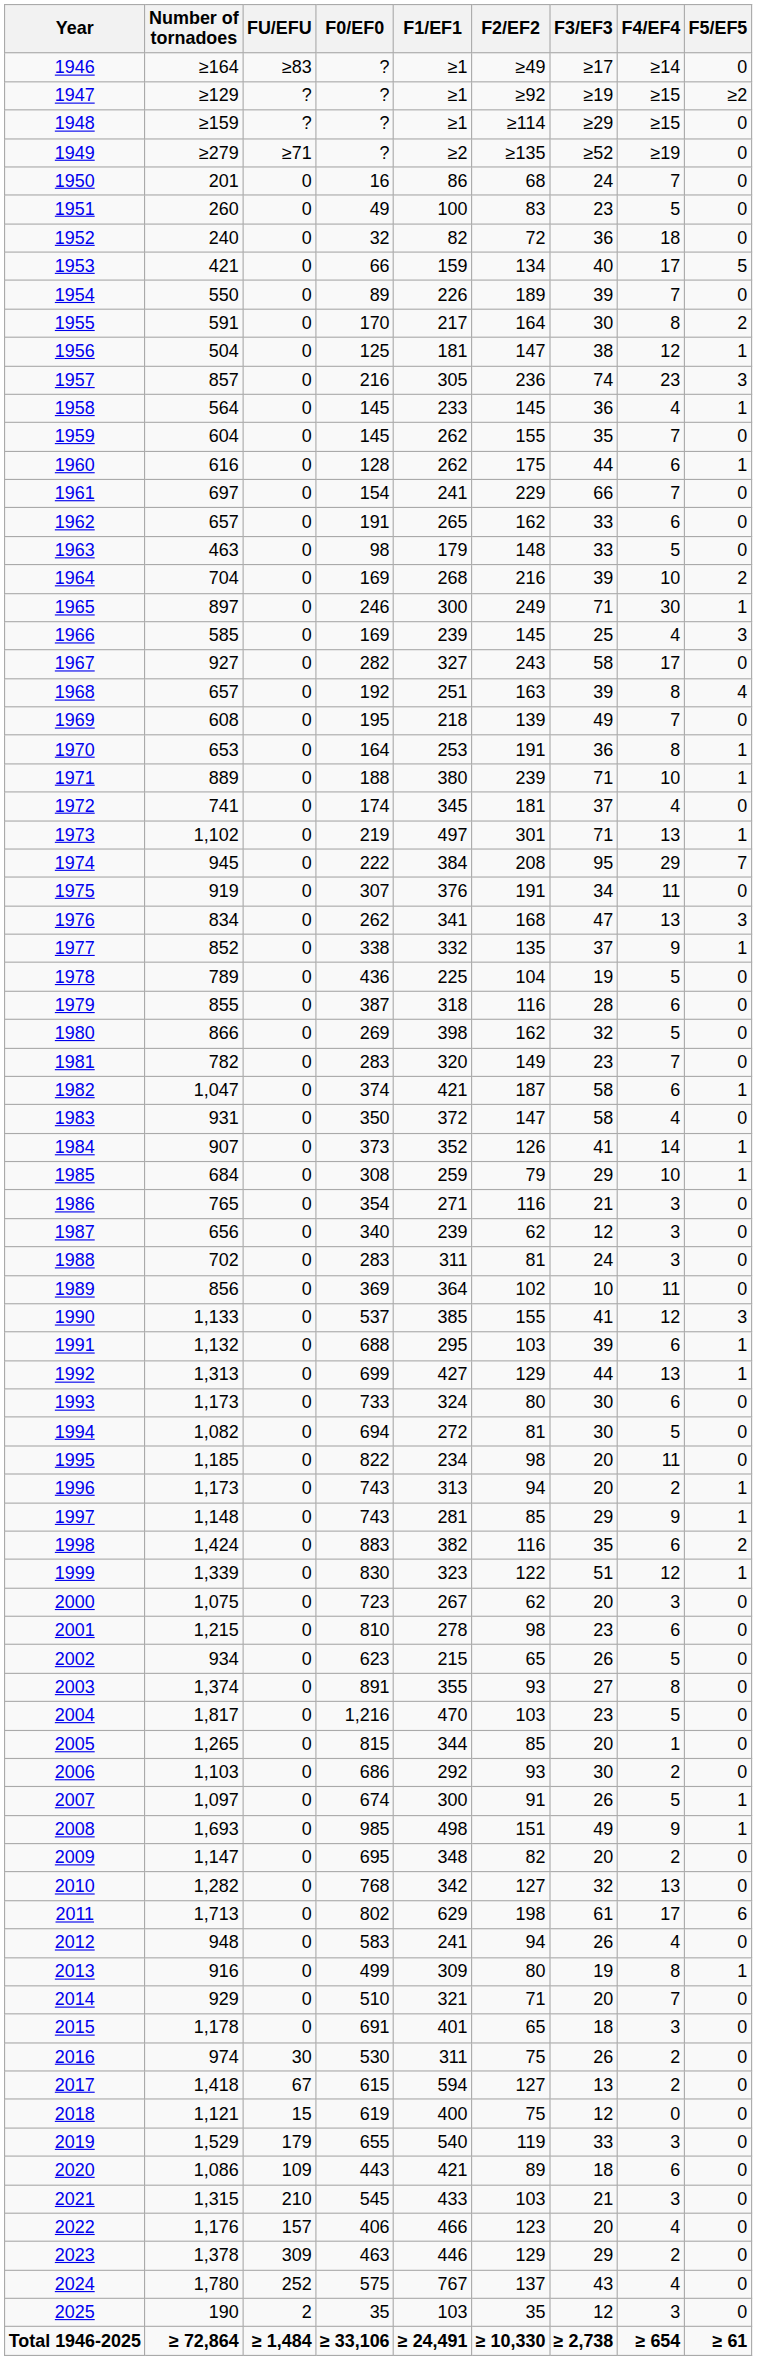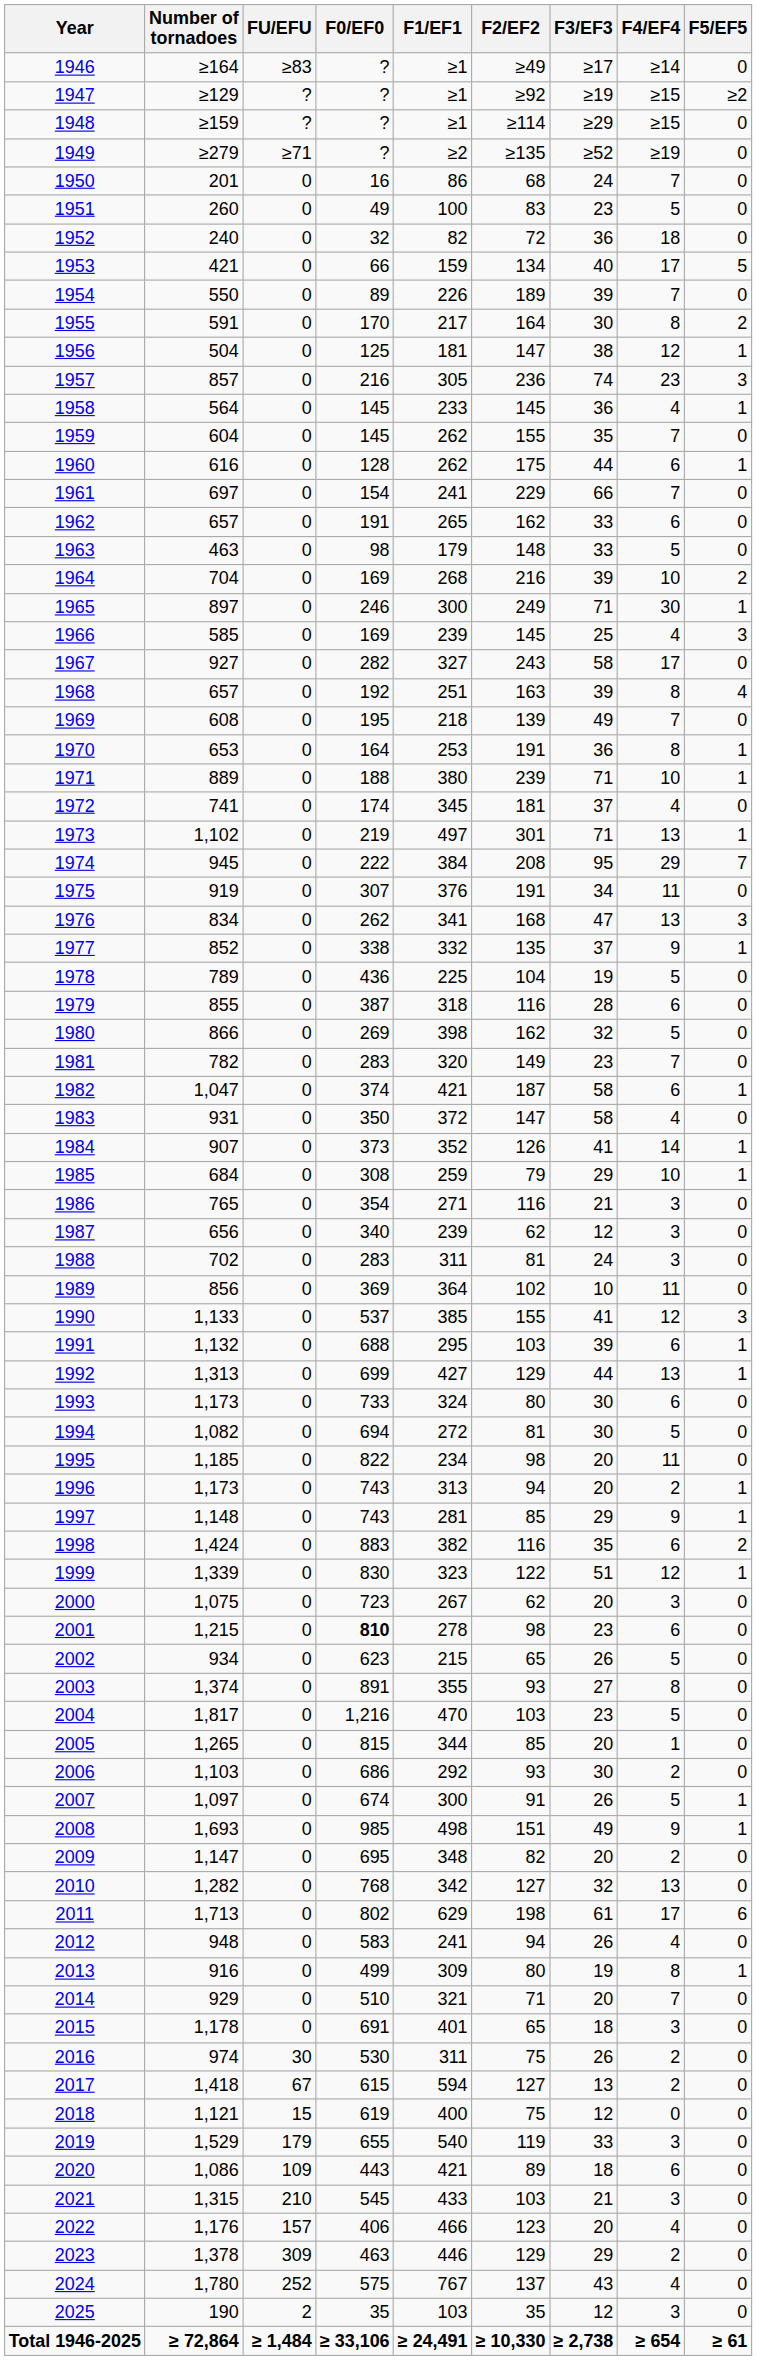 <table class="wikitable sortable" style="text-align:right; vertical-align:middle;">
 <tr style="text-align:center;">
 <th>Year</th>
 <th>Number of<br>tornadoes</th>
 <th>FU/EFU</th>
 <th>F0/EF0</th>
 <th>F1/EF1</th>
 <th>F2/EF2</th>
 <th>F3/EF3</th>
 <th>F4/EF4</th>
 <th>F5/EF5</th>
 </tr>
 <tr>
 <td style="text-align:center;"><a href='#'>1946</a></td>
 <td>≥164</td>
 <td>≥83</td>
 <td>?</td>
 <td>≥1</td>
 <td>≥49</td>
 <td>≥17</td>
 <td>≥14</td>
 <td>0</td>
 </tr>
 <tr>
 <td style="text-align:center;"><a href='#'>1947</a></td>
 <td>≥129</td>
 <td>?</td>
 <td>?</td>
 <td>≥1</td>
 <td>≥92</td>
 <td>≥19</td>
 <td>≥15</td>
 <td>≥2</td>
 </tr>
 <tr>
 <td style="text-align:center;"><a href='#'>1948</a></td>
 <td>≥159</td>
 <td>?</td>
 <td>?</td>
 <td>≥1</td>
 <td>≥114</td>
 <td>≥29</td>
 <td>≥15</td>
 <td>0</td>
 </tr>
 <tr>
 <td style="text-align:center;"><a href='#'>1949</a></td>
 <td>≥279</td>
 <td>≥71</td>
 <td>?</td>
 <td>≥2</td>
 <td>≥135</td>
 <td>≥52</td>
 <td>≥19</td>
 <td>0</td>
 </tr>
 <tr>
 <td style="text-align:center;"><a href='#'>1950</a></td>
 <td>201</td>
 <td>0</td>
 <td>16</td>
 <td>86</td>
 <td>68</td>
 <td>24</td>
 <td>7</td>
 <td>0</td>
 </tr>
 <tr>
 <td style="text-align:center;"><a href='#'>1951</a></td>
 <td>260</td>
 <td>0</td>
 <td>49</td>
 <td>100</td>
 <td>83</td>
 <td>23</td>
 <td>5</td>
 <td>0</td>
 </tr>
 <tr>
 <td style="text-align:center;"><a href='#'>1952</a></td>
 <td>240</td>
 <td>0</td>
 <td>32</td>
 <td>82</td>
 <td>72</td>
 <td>36</td>
 <td>18</td>
 <td>0</td>
 </tr>
 <tr>
 <td style="text-align:center;"><a href='#'>1953</a></td>
 <td>421</td>
 <td>0</td>
 <td>66</td>
 <td>159</td>
 <td>134</td>
 <td>40</td>
 <td>17</td>
 <td>5</td>
 </tr>
 <tr>
 <td style="text-align:center;"><a href='#'>1954</a></td>
 <td>550</td>
 <td>0</td>
 <td>89</td>
 <td>226</td>
 <td>189</td>
 <td>39</td>
 <td>7</td>
 <td>0</td>
 </tr>
 <tr>
 <td style="text-align:center;"><a href='#'>1955</a></td>
 <td>591</td>
 <td>0</td>
 <td>170</td>
 <td>217</td>
 <td>164</td>
 <td>30</td>
 <td>8</td>
 <td>2</td>
 </tr>
 <tr>
 <td style="text-align:center;"><a href='#'>1956</a></td>
 <td>504</td>
 <td>0</td>
 <td>125</td>
 <td>181</td>
 <td>147</td>
 <td>38</td>
 <td>12</td>
 <td>1</td>
 </tr>
 <tr>
 <td style="text-align:center;"><a href='#'>1957</a></td>
 <td>857</td>
 <td>0</td>
 <td>216</td>
 <td>305</td>
 <td>236</td>
 <td>74</td>
 <td>23</td>
 <td>3</td>
 </tr>
 <tr>
 <td style="text-align:center;"><a href='#'>1958</a></td>
 <td>564</td>
 <td>0</td>
 <td>145</td>
 <td>233</td>
 <td>145</td>
 <td>36</td>
 <td>4</td>
 <td>1</td>
 </tr>
 <tr>
 <td style="text-align:center;"><a href='#'>1959</a></td>
 <td>604</td>
 <td>0</td>
 <td>145</td>
 <td>262</td>
 <td>155</td>
 <td>35</td>
 <td>7</td>
 <td>0</td>
 </tr>
 <tr>
 <td style="text-align:center;"><a href='#'>1960</a></td>
 <td>616</td>
 <td>0</td>
 <td>128</td>
 <td>262</td>
 <td>175</td>
 <td>44</td>
 <td>6</td>
 <td>1</td>
 </tr>
 <tr>
 <td style="text-align:center;"><a href='#'>1961</a></td>
 <td>697</td>
 <td>0</td>
 <td>154</td>
 <td>241</td>
 <td>229</td>
 <td>66</td>
 <td>7</td>
 <td>0</td>
 </tr>
 <tr>
 <td style="text-align:center;"><a href='#'>1962</a></td>
 <td>657</td>
 <td>0</td>
 <td>191</td>
 <td>265</td>
 <td>162</td>
 <td>33</td>
 <td>6</td>
 <td>0</td>
 </tr>
 <tr>
 <td style="text-align:center;"><a href='#'>1963</a></td>
 <td>463</td>
 <td>0</td>
 <td>98</td>
 <td>179</td>
 <td>148</td>
 <td>33</td>
 <td>5</td>
 <td>0</td>
 </tr>
 <tr>
 <td style="text-align:center;"><a href='#'>1964</a></td>
 <td>704</td>
 <td>0</td>
 <td>169</td>
 <td>268</td>
 <td>216</td>
 <td>39</td>
 <td>10</td>
 <td>2</td>
 </tr>
 <tr>
 <td style="text-align:center;"><a href='#'>1965</a></td>
 <td>897</td>
 <td>0</td>
 <td>246</td>
 <td>300</td>
 <td>249</td>
 <td>71</td>
 <td>30</td>
 <td>1</td>
 </tr>
 <tr>
 <td style="text-align:center;"><a href='#'>1966</a></td>
 <td>585</td>
 <td>0</td>
 <td>169</td>
 <td>239</td>
 <td>145</td>
 <td>25</td>
 <td>4</td>
 <td>3</td>
 </tr>
 <tr>
 <td style="text-align:center;"><a href='#'>1967</a></td>
 <td>927</td>
 <td>0</td>
 <td>282</td>
 <td>327</td>
 <td>243</td>
 <td>58</td>
 <td>17</td>
 <td>0</td>
 </tr>
 <tr>
 <td style="text-align:center;"><a href='#'>1968</a></td>
 <td>657</td>
 <td>0</td>
 <td>192</td>
 <td>251</td>
 <td>163</td>
 <td>39</td>
 <td>8</td>
 <td>4</td>
 </tr>
 <tr>
 <td style="text-align:center;"><a href='#'>1969</a></td>
 <td>608</td>
 <td>0</td>
 <td>195</td>
 <td>218</td>
 <td>139</td>
 <td>49</td>
 <td>7</td>
 <td>0</td>
 </tr>
 <tr>
 <td style="text-align:center;"><a href='#'>1970</a></td>
 <td>653</td>
 <td>0</td>
 <td>164</td>
 <td>253</td>
 <td>191</td>
 <td>36</td>
 <td>8</td>
 <td>1</td>
 </tr>
 <tr>
 <td style="text-align:center;"><a href='#'>1971</a></td>
 <td>889</td>
 <td>0</td>
 <td>188</td>
 <td>380</td>
 <td>239</td>
 <td>71</td>
 <td>10</td>
 <td>1</td>
 </tr>
 <tr>
 <td style="text-align:center;"><a href='#'>1972</a></td>
 <td>741</td>
 <td>0</td>
 <td>174</td>
 <td>345</td>
 <td>181</td>
 <td>37</td>
 <td>4</td>
 <td>0</td>
 </tr>
 <tr>
 <td style="text-align:center;"><a href='#'>1973</a></td>
 <td>1,102</td>
 <td>0</td>
 <td>219</td>
 <td>497</td>
 <td>301</td>
 <td>71</td>
 <td>13</td>
 <td>1</td>
 </tr>
 <tr>
 <td style="text-align:center;"><a href='#'>1974</a></td>
 <td>945</td>
 <td>0</td>
 <td>222</td>
 <td>384</td>
 <td>208</td>
 <td>95</td>
 <td>29</td>
 <td>7</td>
 </tr>
 <tr>
 <td style="text-align:center;"><a href='#'>1975</a></td>
 <td>919</td>
 <td>0</td>
 <td>307</td>
 <td>376</td>
 <td>191</td>
 <td>34</td>
 <td>11</td>
 <td>0</td>
 </tr>
 <tr>
 <td style="text-align:center;"><a href='#'>1976</a></td>
 <td>834</td>
 <td>0</td>
 <td>262</td>
 <td>341</td>
 <td>168</td>
 <td>47</td>
 <td>13</td>
 <td>3</td>
 </tr>
 <tr>
 <td style="text-align:center;"><a href='#'>1977</a></td>
 <td>852</td>
 <td>0</td>
 <td>338</td>
 <td>332</td>
 <td>135</td>
 <td>37</td>
 <td>9</td>
 <td>1</td>
 </tr>
 <tr>
 <td style="text-align:center;"><a href='#'>1978</a></td>
 <td>789</td>
 <td>0</td>
 <td>436</td>
 <td>225</td>
 <td>104</td>
 <td>19</td>
 <td>5</td>
 <td>0</td>
 </tr>
 <tr>
 <td style="text-align:center;"><a href='#'>1979</a></td>
 <td>855</td>
 <td>0</td>
 <td>387</td>
 <td>318</td>
 <td>116</td>
 <td>28</td>
 <td>6</td>
 <td>0</td>
 </tr>
 <tr>
 <td style="text-align:center;"><a href='#'>1980</a></td>
 <td>866</td>
 <td>0</td>
 <td>269</td>
 <td>398</td>
 <td>162</td>
 <td>32</td>
 <td>5</td>
 <td>0</td>
 </tr>
 <tr>
 <td style="text-align:center;"><a href='#'>1981</a></td>
 <td>782</td>
 <td>0</td>
 <td>283</td>
 <td>320</td>
 <td>149</td>
 <td>23</td>
 <td>7</td>
 <td>0</td>
 </tr>
 <tr>
 <td style="text-align:center;"><a href='#'>1982</a></td>
 <td>1,047</td>
 <td>0</td>
 <td>374</td>
 <td>421</td>
 <td>187</td>
 <td>58</td>
 <td>6</td>
 <td>1</td>
 </tr>
 <tr>
 <td style="text-align:center;"><a href='#'>1983</a></td>
 <td>931</td>
 <td>0</td>
 <td>350</td>
 <td>372</td>
 <td>147</td>
 <td>58</td>
 <td>4</td>
 <td>0</td>
 </tr>
 <tr>
 <td style="text-align:center;"><a href='#'>1984</a></td>
 <td>907</td>
 <td>0</td>
 <td>373</td>
 <td>352</td>
 <td>126</td>
 <td>41</td>
 <td>14</td>
 <td>1</td>
 </tr>
 <tr>
 <td style="text-align:center;"><a href='#'>1985</a></td>
 <td>684</td>
 <td>0</td>
 <td>308</td>
 <td>259</td>
 <td>79</td>
 <td>29</td>
 <td>10</td>
 <td>1</td>
 </tr>
 <tr>
 <td style="text-align:center;"><a href='#'>1986</a></td>
 <td>765</td>
 <td>0</td>
 <td>354</td>
 <td>271</td>
 <td>116</td>
 <td>21</td>
 <td>3</td>
 <td>0</td>
 </tr>
 <tr>
 <td style="text-align:center;"><a href='#'>1987</a></td>
 <td>656</td>
 <td>0</td>
 <td>340</td>
 <td>239</td>
 <td>62</td>
 <td>12</td>
 <td>3</td>
 <td>0</td>
 </tr>
 <tr>
 <td style="text-align:center;"><a href='#'>1988</a></td>
 <td>702</td>
 <td>0</td>
 <td>283</td>
 <td>311</td>
 <td>81</td>
 <td>24</td>
 <td>3</td>
 <td>0</td>
 </tr>
 <tr>
 <td style="text-align:center;"><a href='#'>1989</a></td>
 <td>856</td>
 <td>0</td>
 <td>369</td>
 <td>364</td>
 <td>102</td>
 <td>10</td>
 <td>11</td>
 <td>0</td>
 </tr>
 <tr>
 <td style="text-align:center;"><a href='#'>1990</a></td>
 <td>1,133</td>
 <td>0</td>
 <td>537</td>
 <td>385</td>
 <td>155</td>
 <td>41</td>
 <td>12</td>
 <td>3</td>
 </tr>
 <tr>
 <td style="text-align:center;"><a href='#'>1991</a></td>
 <td>1,132</td>
 <td>0</td>
 <td>688</td>
 <td>295</td>
 <td>103</td>
 <td>39</td>
 <td>6</td>
 <td>1</td>
 </tr>
 <tr>
 <td style="text-align:center;"><a href='#'>1992</a></td>
 <td>1,313</td>
 <td>0</td>
 <td>699</td>
 <td>427</td>
 <td>129</td>
 <td>44</td>
 <td>13</td>
 <td>1</td>
 </tr>
 <tr>
 <td style="text-align:center;"><a href='#'>1993</a></td>
 <td>1,173</td>
 <td>0</td>
 <td>733</td>
 <td>324</td>
 <td>80</td>
 <td>30</td>
 <td>6</td>
 <td>0</td>
 </tr>
 <tr>
 <td style="text-align:center;"><a href='#'>1994</a></td>
 <td>1,082</td>
 <td>0</td>
 <td>694</td>
 <td>272</td>
 <td>81</td>
 <td>30</td>
 <td>5</td>
 <td>0</td>
 </tr>
 <tr>
 <td style="text-align:center;"><a href='#'>1995</a></td>
 <td>1,185</td>
 <td>0</td>
 <td>822</td>
 <td>234</td>
 <td>98</td>
 <td>20</td>
 <td>11</td>
 <td>0</td>
 </tr>
 <tr>
 <td style="text-align:center;"><a href='#'>1996</a></td>
 <td>1,173</td>
 <td>0</td>
 <td>743</td>
 <td>313</td>
 <td>94</td>
 <td>20</td>
 <td>2</td>
 <td>1</td>
 </tr>
 <tr>
 <td style="text-align:center;"><a href='#'>1997</a></td>
 <td>1,148</td>
 <td>0</td>
 <td>743</td>
 <td>281</td>
 <td>85</td>
 <td>29</td>
 <td>9</td>
 <td>1</td>
 </tr>
 <tr>
 <td style="text-align:center;"><a href='#'>1998</a></td>
 <td>1,424</td>
 <td>0</td>
 <td>883</td>
 <td>382</td>
 <td>116</td>
 <td>35</td>
 <td>6</td>
 <td>2</td>
 </tr>
 <tr>
 <td style="text-align:center;"><a href='#'>1999</a></td>
 <td>1,339</td>
 <td>0</td>
 <td>830</td>
 <td>323</td>
 <td>122</td>
 <td>51</td>
 <td>12</td>
 <td>1</td>
 </tr>
 <tr>
 <td style="text-align:center;"><a href='#'>2000</a></td>
 <td>1,075</td>
 <td>0</td>
 <td>723</td>
 <td>267</td>
 <td>62</td>
 <td>20</td>
 <td>3</td>
 <td>0</td>
 </tr>
 <tr>
 <td style="text-align:center;"><a href='#'>2001</a></td>
 <td>1,215</td>
 <td>0</td>
-<td>810</td>
+<td><strong>810</strong></td>
 <td>278</td>
 <td>98</td>
 <td>23</td>
 <td>6</td>
 <td>0</td>
 </tr>
 <tr>
 <td style="text-align:center;"><a href='#'>2002</a></td>
 <td>934</td>
 <td>0</td>
 <td>623</td>
 <td>215</td>
 <td>65</td>
 <td>26</td>
 <td>5</td>
 <td>0</td>
 </tr>
 <tr>
 <td style="text-align:center;"><a href='#'>2003</a></td>
 <td>1,374</td>
 <td>0</td>
 <td>891</td>
 <td>355</td>
 <td>93</td>
 <td>27</td>
 <td>8</td>
 <td>0</td>
 </tr>
 <tr>
 <td style="text-align:center;"><a href='#'>2004</a></td>
 <td>1,817</td>
 <td>0</td>
 <td>1,216</td>
 <td>470</td>
 <td>103</td>
 <td>23</td>
 <td>5</td>
 <td>0</td>
 </tr>
 <tr>
 <td style="text-align:center;"><a href='#'>2005</a></td>
 <td>1,265</td>
 <td>0</td>
 <td>815</td>
 <td>344</td>
 <td>85</td>
 <td>20</td>
 <td>1</td>
 <td>0</td>
 </tr>
 <tr>
 <td style="text-align:center;"><a href='#'>2006</a></td>
 <td>1,103</td>
 <td>0</td>
 <td>686</td>
 <td>292</td>
 <td>93</td>
 <td>30</td>
 <td>2</td>
 <td>0</td>
 </tr>
 <tr>
 <td style="text-align:center;"><a href='#'>2007</a></td>
 <td>1,097</td>
 <td>0</td>
 <td>674</td>
 <td>300</td>
 <td>91</td>
 <td>26</td>
 <td>5</td>
 <td>1</td>
 </tr>
 <tr>
 <td style="text-align:center;"><a href='#'>2008</a></td>
 <td>1,693</td>
 <td>0</td>
 <td>985</td>
 <td>498</td>
 <td>151</td>
 <td>49</td>
 <td>9</td>
 <td>1</td>
 </tr>
 <tr>
 <td style="text-align:center;"><a href='#'>2009</a></td>
 <td>1,147</td>
 <td>0</td>
 <td>695</td>
 <td>348</td>
 <td>82</td>
 <td>20</td>
 <td>2</td>
 <td>0</td>
 </tr>
 <tr>
 <td style="text-align:center;"><a href='#'>2010</a></td>
 <td>1,282</td>
 <td>0</td>
 <td>768</td>
 <td>342</td>
 <td>127</td>
 <td>32</td>
 <td>13</td>
 <td>0</td>
 </tr>
 <tr>
 <td style="text-align:center;"><a href='#'>2011</a></td>
 <td>1,713</td>
 <td>0</td>
 <td>802</td>
 <td>629</td>
 <td>198</td>
 <td>61</td>
 <td>17</td>
 <td>6</td>
 </tr>
 <tr>
 <td style="text-align:center;"><a href='#'>2012</a></td>
 <td>948</td>
 <td>0</td>
 <td>583</td>
 <td>241</td>
 <td>94</td>
 <td>26</td>
 <td>4</td>
 <td>0</td>
 </tr>
 <tr>
 <td style="text-align:center;"><a href='#'>2013</a></td>
 <td>916</td>
 <td>0</td>
 <td>499</td>
 <td>309</td>
 <td>80</td>
 <td>19</td>
 <td>8</td>
 <td>1</td>
 </tr>
 <tr>
 <td style="text-align:center;"><a href='#'>2014</a></td>
 <td>929</td>
 <td>0</td>
 <td>510</td>
 <td>321</td>
 <td>71</td>
 <td>20</td>
 <td>7</td>
 <td>0</td>
 </tr>
 <tr>
 <td style="text-align:center;"><a href='#'>2015</a></td>
 <td>1,178</td>
 <td>0</td>
 <td>691</td>
 <td>401</td>
 <td>65</td>
 <td>18</td>
 <td>3</td>
 <td>0</td>
 </tr>
 <tr>
 <td style="text-align:center;"><a href='#'>2016</a></td>
 <td>974</td>
 <td>30</td>
 <td>530</td>
 <td>311</td>
 <td>75</td>
 <td>26</td>
 <td>2</td>
 <td>0</td>
 </tr>
 <tr>
 <td style="text-align:center;"><a href='#'>2017</a></td>
 <td>1,418</td>
 <td>67</td>
 <td>615</td>
 <td>594</td>
 <td>127</td>
 <td>13</td>
 <td>2</td>
 <td>0</td>
 </tr>
 <tr>
 <td style="text-align:center;"><a href='#'>2018</a></td>
 <td>1,121</td>
 <td>15</td>
 <td>619</td>
 <td>400</td>
 <td>75</td>
 <td>12</td>
 <td>0</td>
 <td>0</td>
 </tr>
 <tr>
 <td style="text-align:center;"><a href='#'>2019</a></td>
 <td>1,529</td>
 <td>179</td>
 <td>655</td>
 <td>540</td>
 <td>119</td>
 <td>33</td>
 <td>3</td>
 <td>0</td>
 </tr>
 <tr>
 <td style="text-align:center;"><a href='#'>2020</a></td>
 <td>1,086</td>
 <td>109</td>
 <td>443</td>
 <td>421</td>
 <td>89</td>
 <td>18</td>
 <td>6</td>
 <td>0</td>
 </tr>
 <tr>
 <td style="text-align:center;"><a href='#'>2021</a></td>
 <td>1,315</td>
 <td>210</td>
 <td>545</td>
 <td>433</td>
 <td>103</td>
 <td>21</td>
 <td>3</td>
 <td>0</td>
 </tr>
 <tr>
 <td style="text-align:center;"><a href='#'>2022</a></td>
 <td>1,176</td>
 <td>157</td>
 <td>406</td>
 <td>466</td>
 <td>123</td>
 <td>20</td>
 <td>4</td>
 <td>0</td>
 </tr>
 <tr>
 <td style="text-align:center;"><a href='#'>2023</a> </td>
 <td>1,378</td>
 <td>309</td>
 <td>463</td>
 <td>446</td>
 <td>129</td>
 <td>29</td>
 <td>2</td>
 <td>0</td>
 </tr>
 <tr>
 <td style="text-align:center;"><a href='#'>2024</a> </td>
 <td>1,780</td>
 <td>252</td>
 <td>575</td>
 <td>767</td>
 <td>137</td>
 <td>43</td>
 <td>4</td>
 <td>0</td>
 </tr>
 <tr>
 <td style="text-align:center;"><a href='#'>2025</a> </td>
 <td>190</td>
 <td>2</td>
 <td>35</td>
 <td>103</td>
 <td>35</td>
 <td>12</td>
 <td>3</td>
 <td>0</td>
 </tr>
 <tr style="font-weight:bold;">
 <td style="text-align:center;">Total 1946-2025  </td>
 <td>≥ 72,864</td>
 <td>≥ 1,484</td>
 <td>≥ 33,106</td>
 <td>≥ 24,491</td>
 <td>≥ 10,330</td>
 <td>≥ 2,738</td>
 <td>≥ 654</td>
 <td>≥ 61</td>
 </tr>
 </table>
